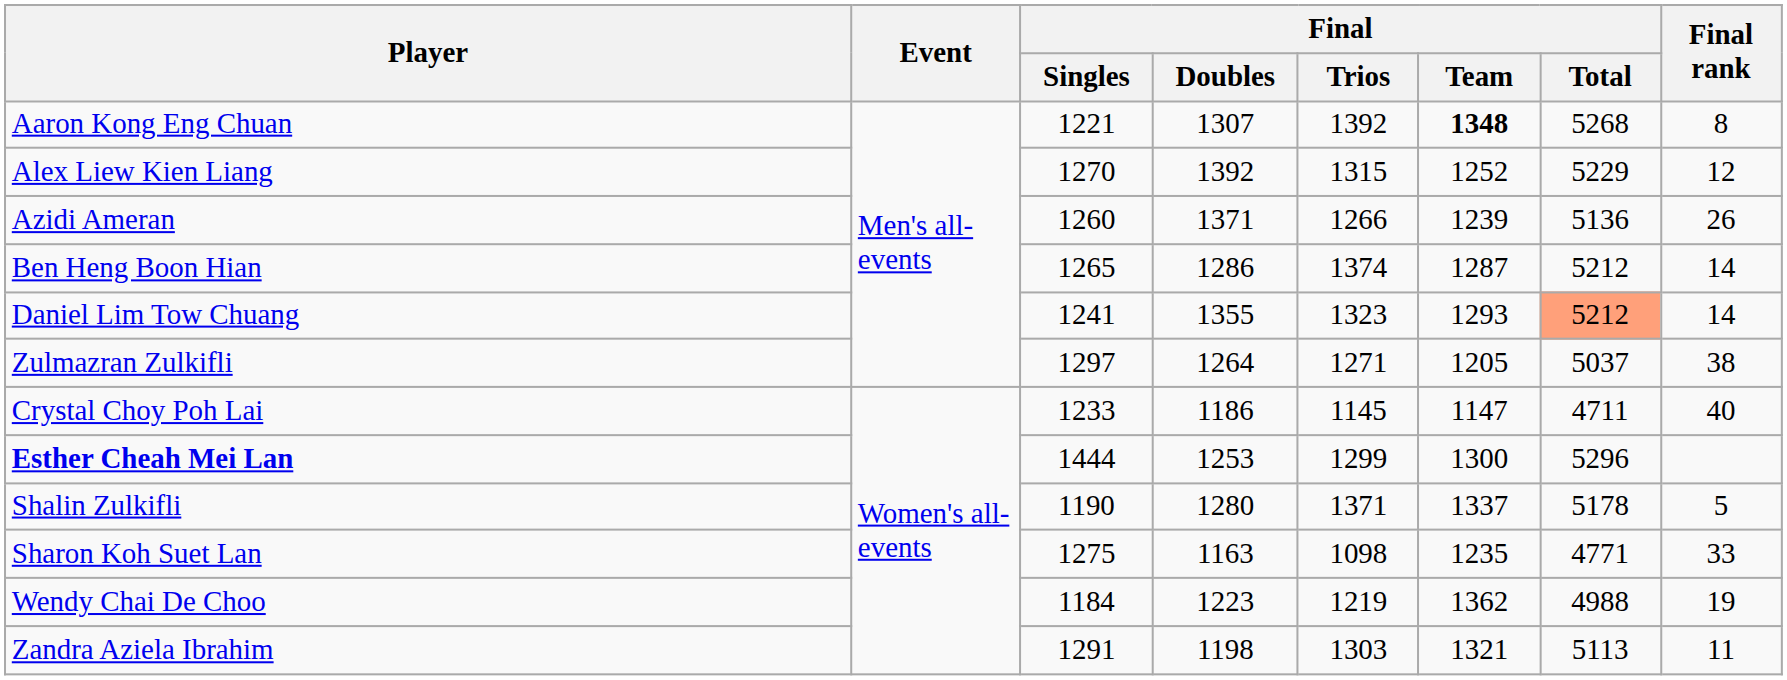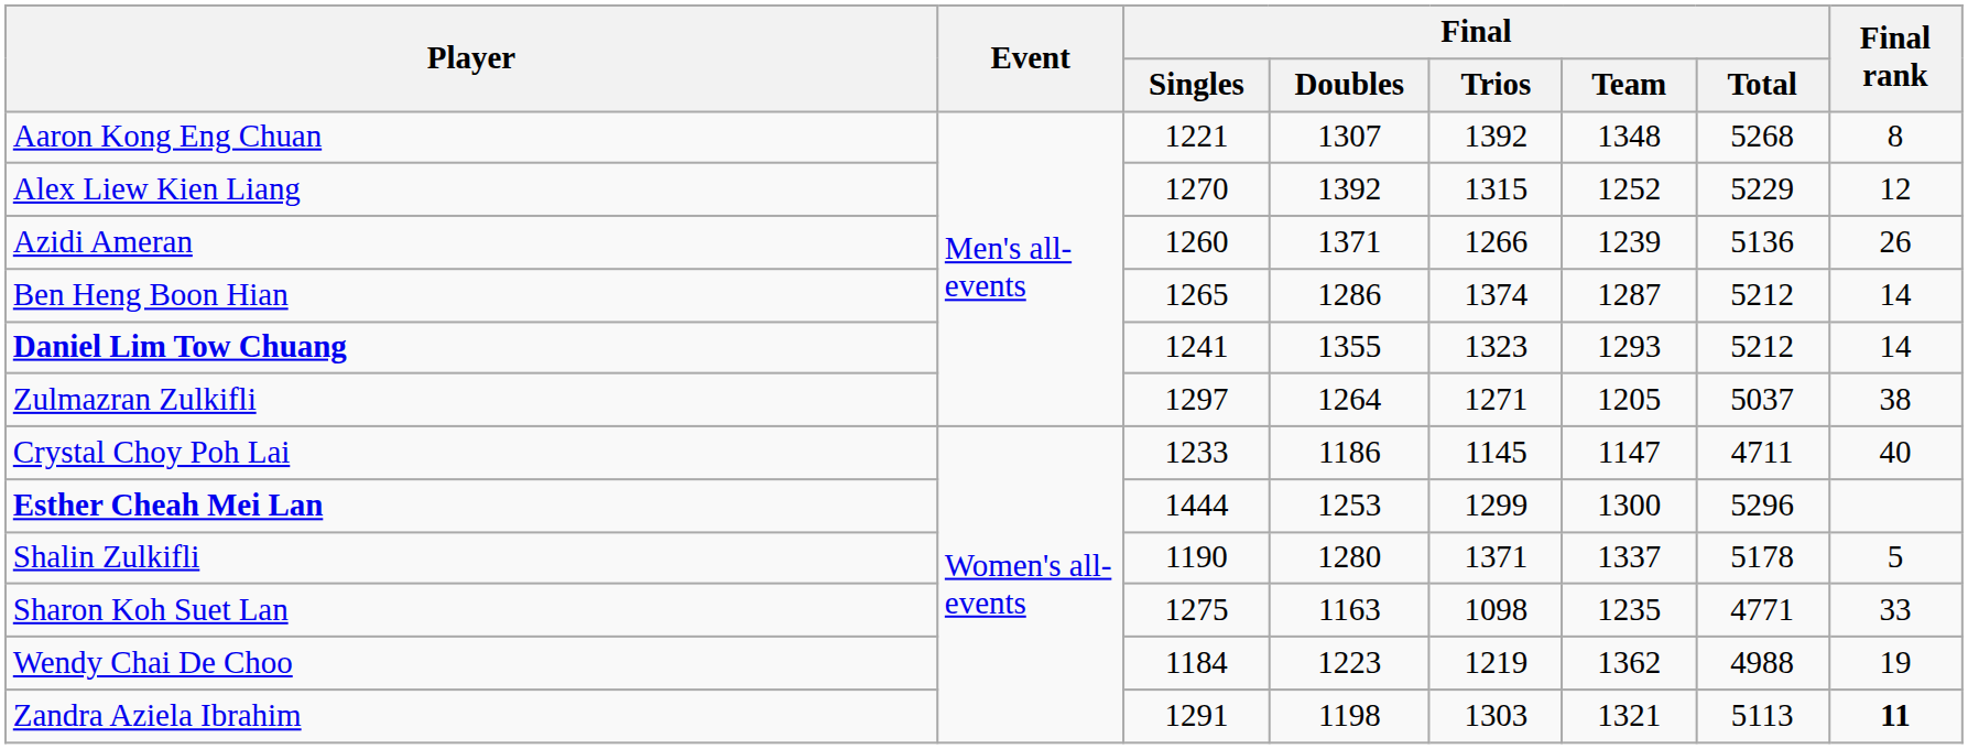 <table class="wikitable" width="70%" style="text-align:center; font-size:90%">
 <tr>
 <th rowspan=2 width="35%">Player</th>
 <th rowspan=2 width="7%">Event</th>
 <th colspan=5 width="10%">Final</th>
 <th rowspan=2 width="5%">Final rank</th>
 </tr>
 <tr>
 <th width="5%">Singles</th>
 <th width="5%">Doubles</th>
 <th width="5%">Trios</th>
 <th width="5%">Team</th>
 <th width="5%">Total</th>
 </tr>
 <tr>
 <td align=left><a href='#'>Aaron Kong Eng Chuan</a></td>
 <td rowspan="6" align="left"><a href='#'>Men's all-events</a></td>
 <td>1221</td>
 <td>1307</td>
 <td>1392</td>
-<td><strong>1348</strong></td>
+<td>1348</td>
 <td>5268</td>
 <td>8</td>
 </tr>
 <tr>
 <td align=left><a href='#'>Alex Liew Kien Liang</a></td>
 <td>1270</td>
 <td>1392</td>
 <td>1315</td>
 <td>1252</td>
 <td>5229</td>
 <td>12</td>
 </tr>
 <tr>
 <td align=left><a href='#'>Azidi Ameran</a></td>
 <td>1260</td>
 <td>1371</td>
 <td>1266</td>
 <td>1239</td>
 <td>5136</td>
 <td>26</td>
 </tr>
 <tr>
 <td align=left><a href='#'>Ben Heng Boon Hian</a></td>
 <td>1265</td>
 <td>1286</td>
 <td>1374</td>
 <td>1287</td>
 <td>5212</td>
 <td>14</td>
 </tr>
 <tr>
-<td align=left><a href='#'>Daniel Lim Tow Chuang</a></td>
+<td align=left><strong><a href='#'>Daniel Lim Tow Chuang</a></strong></td>
 <td>1241</td>
 <td>1355</td>
 <td>1323</td>
 <td>1293</td>
-<td style="background: lightsalmon;">5212</td>
+<td>5212</td>
 <td>14</td>
 </tr>
 <tr>
 <td align=left><a href='#'>Zulmazran Zulkifli</a></td>
 <td>1297</td>
 <td>1264</td>
 <td>1271</td>
 <td>1205</td>
 <td>5037</td>
 <td>38</td>
 </tr>
 <tr>
 <td align=left><a href='#'>Crystal Choy Poh Lai</a></td>
 <td rowspan="6" align="left"><a href='#'>Women's all-events</a></td>
 <td>1233</td>
 <td>1186</td>
 <td>1145</td>
 <td>1147</td>
 <td>4711</td>
 <td>40</td>
 </tr>
 <tr>
 <td align=left><strong><a href='#'>Esther Cheah Mei Lan</a></strong></td>
 <td>1444</td>
 <td>1253</td>
 <td>1299</td>
 <td>1300</td>
 <td>5296</td>
 <td></td>
 </tr>
 <tr>
 <td align=left><a href='#'>Shalin Zulkifli</a></td>
 <td>1190</td>
 <td>1280</td>
 <td>1371</td>
 <td>1337</td>
 <td>5178</td>
 <td>5</td>
 </tr>
 <tr>
 <td align=left><a href='#'>Sharon Koh Suet Lan</a></td>
 <td>1275</td>
 <td>1163</td>
 <td>1098</td>
 <td>1235</td>
 <td>4771</td>
 <td>33</td>
 </tr>
 <tr>
 <td align=left><a href='#'>Wendy Chai De Choo</a></td>
 <td>1184</td>
 <td>1223</td>
 <td>1219</td>
 <td>1362</td>
 <td>4988</td>
 <td>19</td>
 </tr>
 <tr>
 <td align=left><a href='#'>Zandra Aziela Ibrahim</a></td>
 <td>1291</td>
 <td>1198</td>
 <td>1303</td>
 <td>1321</td>
 <td>5113</td>
-<td>11</td>
+<td><strong>11</strong></td>
 </tr>
 </table>
